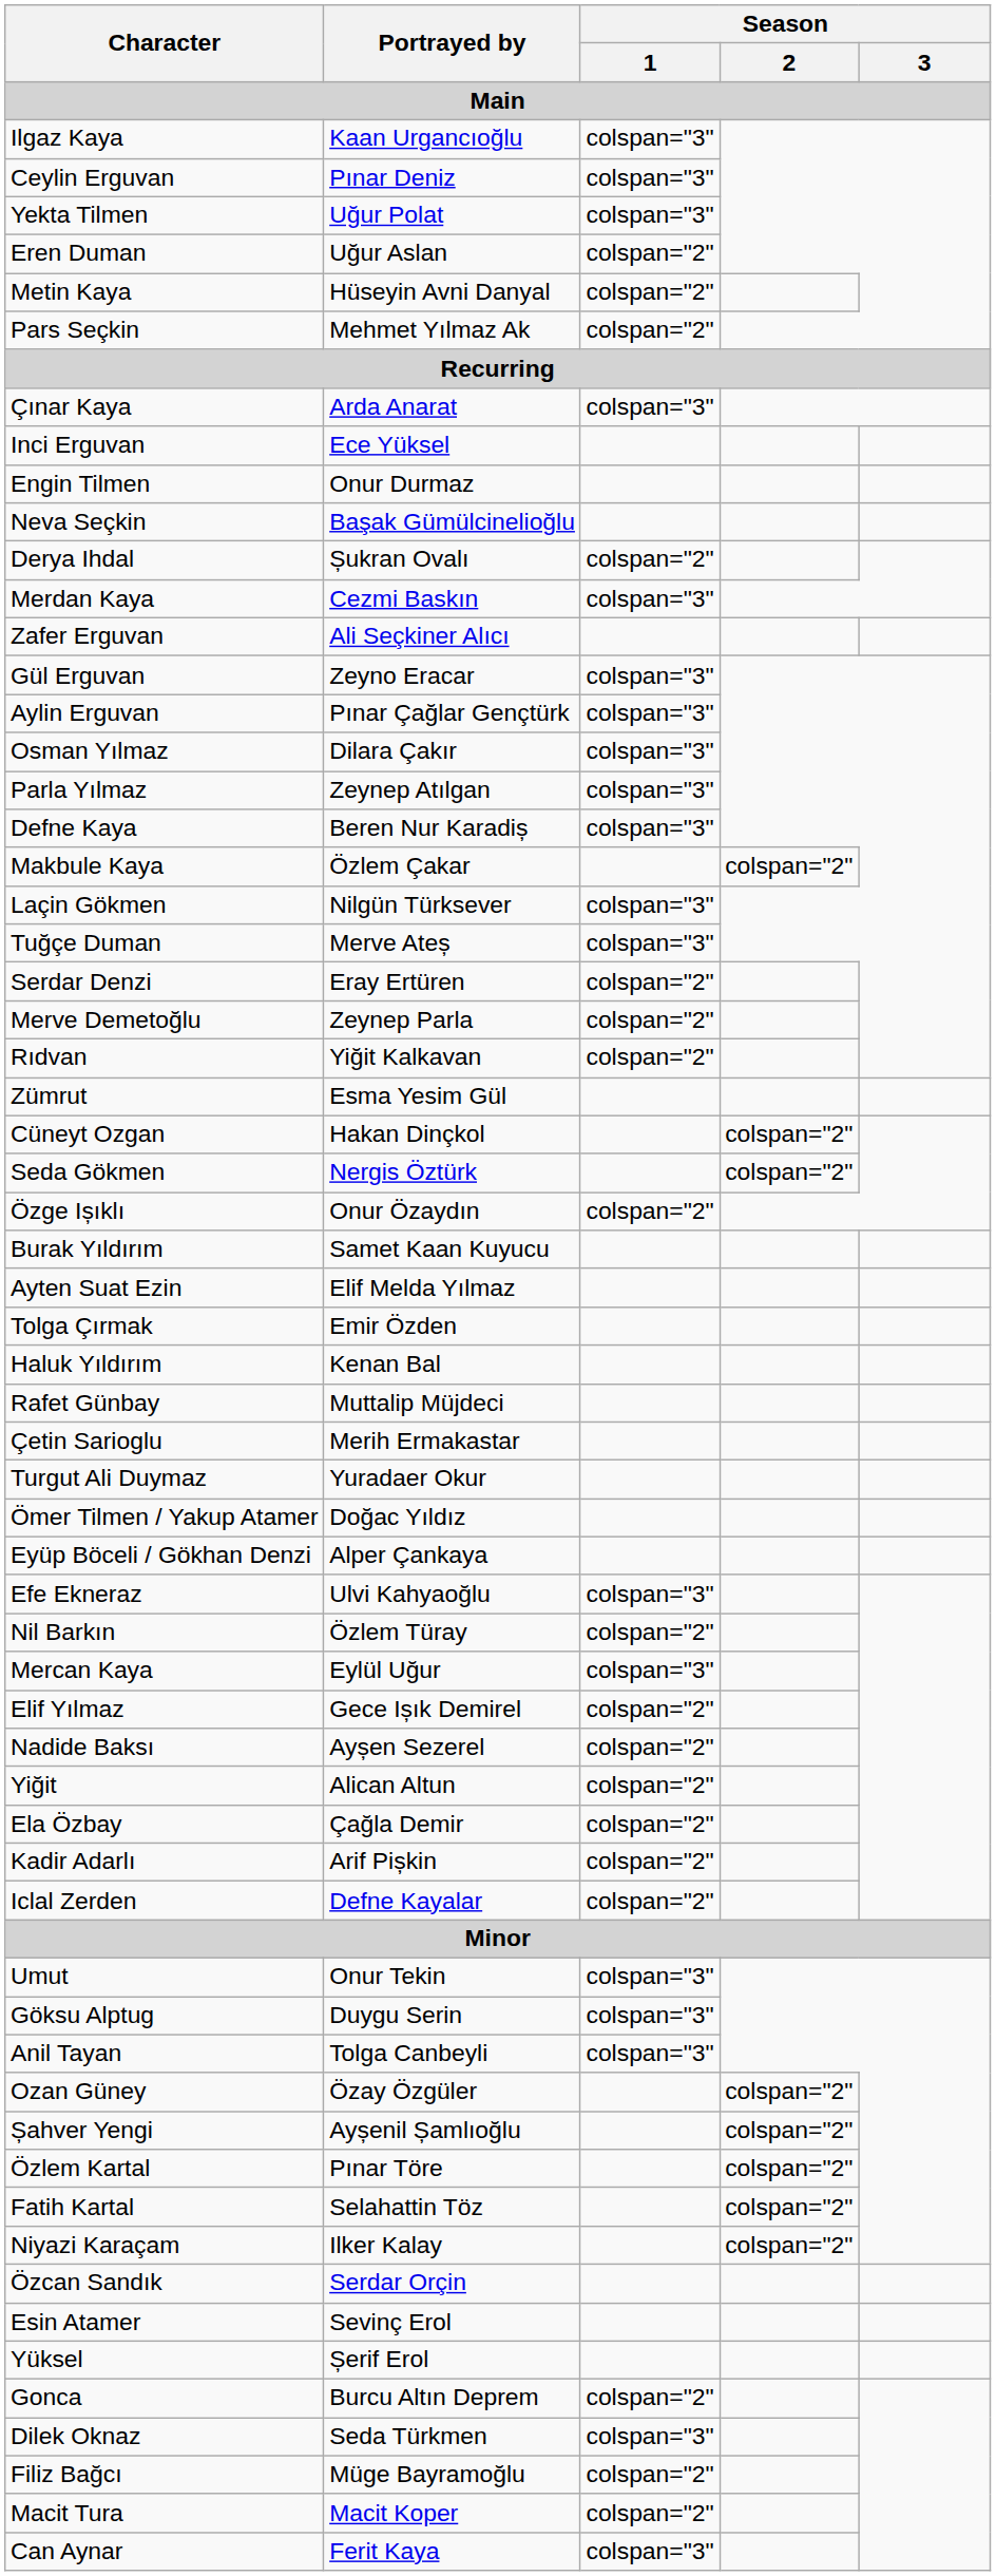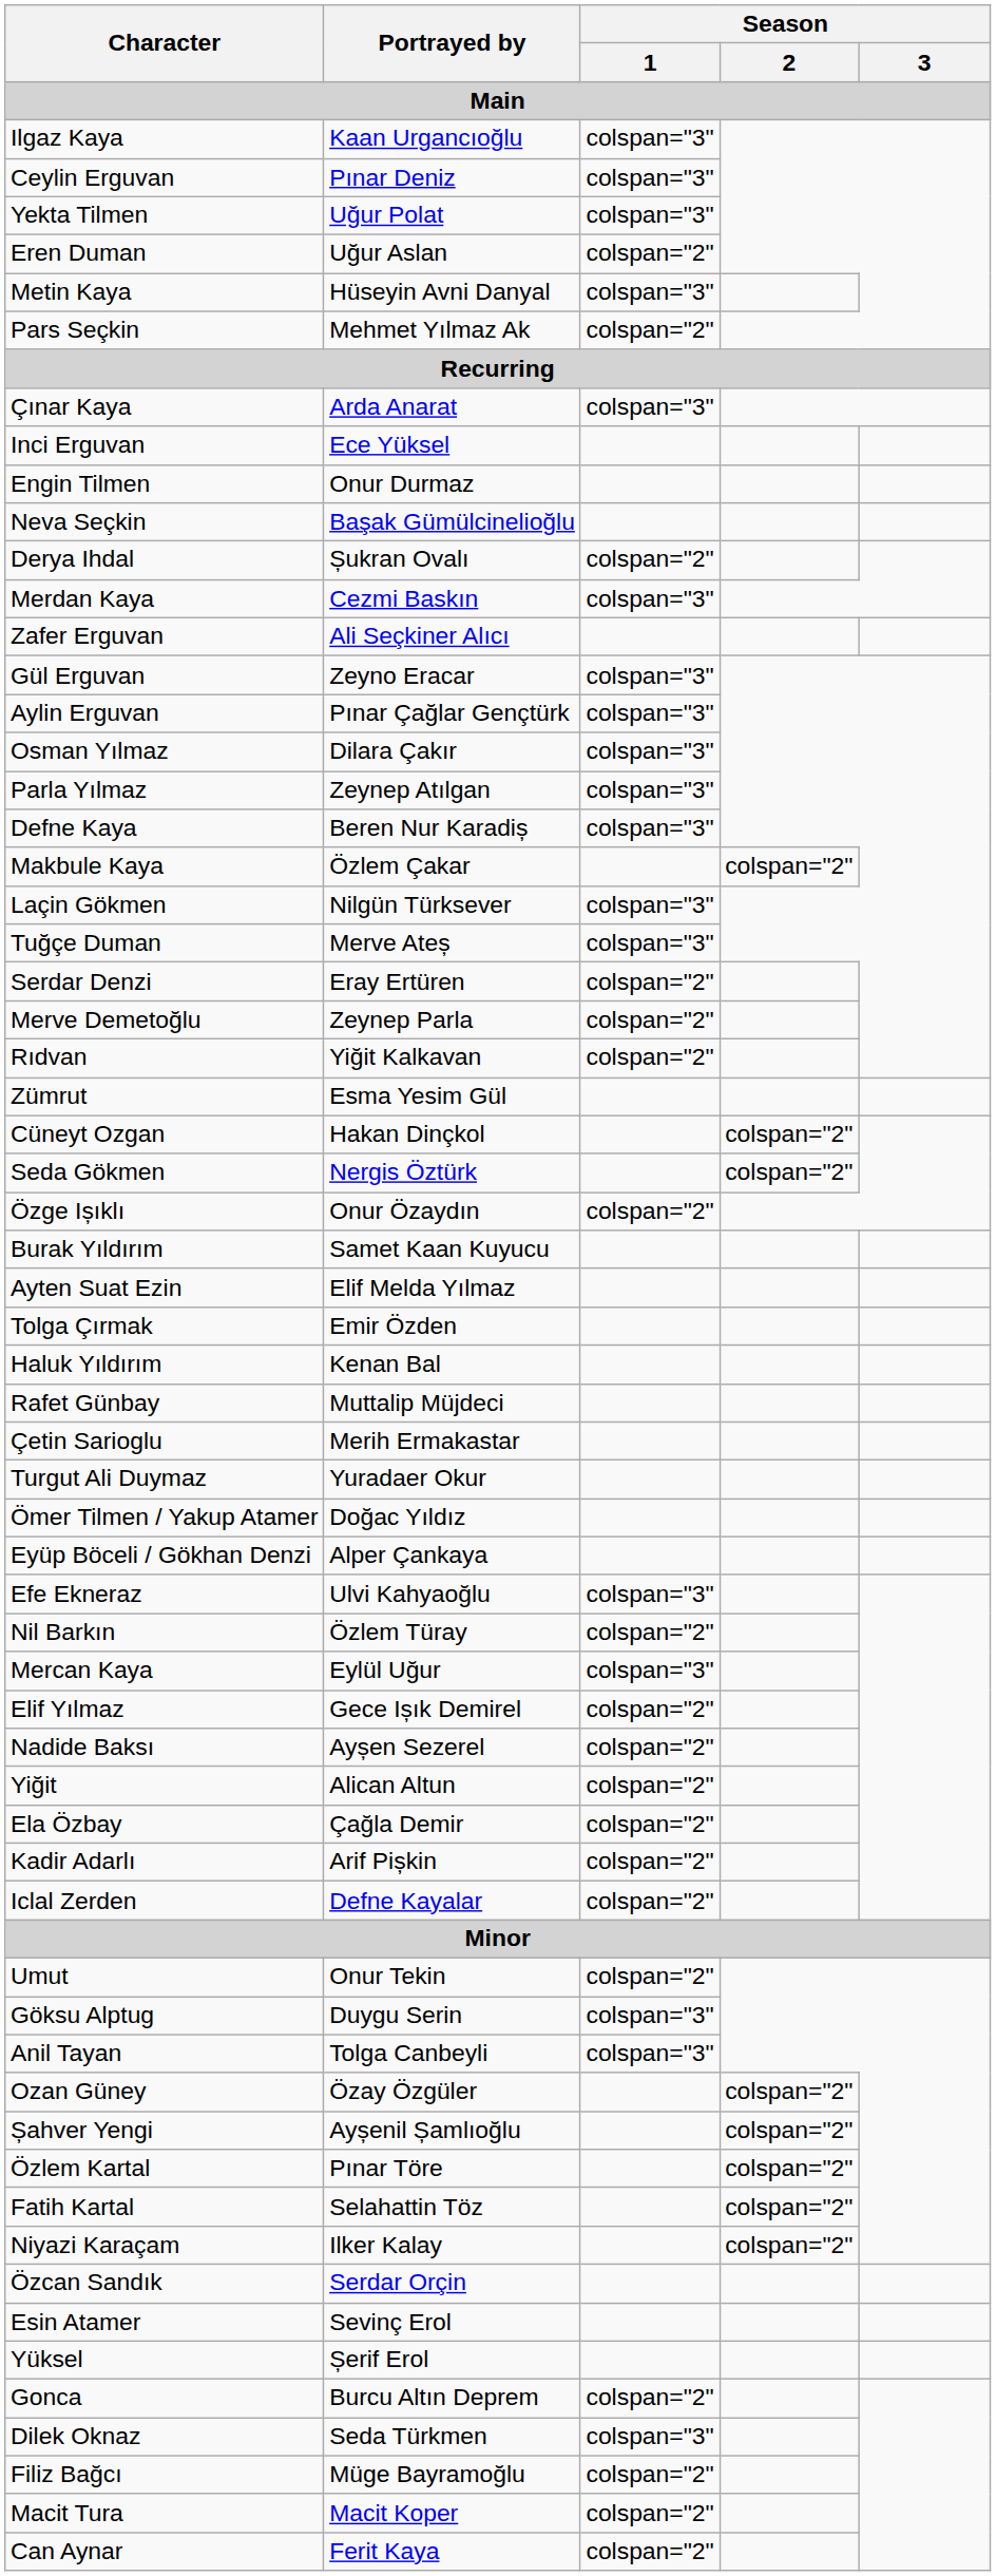 <table class="wikitable" style="table-layout:fixed">
 <tr>
 <th scope="col" rowspan="2">Character</th>
 <th scope="col" rowspan="2">Portrayed by</th>
 <th scope="col" colspan="3">Season</th>
 </tr>
 <tr>
 <th scope="col" style="width:5em">1</th>
 <th scope="col" style="width:5em">2</th>
 <th scope="col" style="width:5em">3</th>
 </tr>
 <tr>
 <th scope="col" colspan="5" style="background:lightgray">Main</th>
 </tr>
 <tr>
 <td>Ilgaz Kaya</td>
 <td><a href='#'>Kaan Urgancıoğlu</a></td>
 <td>colspan="3" </td>
 </tr>
 <tr>
 <td>Ceylin Erguvan</td>
 <td><a href='#'>Pınar Deniz</a></td>
 <td>colspan="3" </td>
 </tr>
 <tr>
 <td>Yekta Tilmen</td>
 <td><a href='#'>Uğur Polat</a></td>
 <td>colspan="3" </td>
 </tr>
 <tr>
 <td>Eren Duman</td>
 <td>Uğur Aslan</td>
 <td>colspan="2" </td>
 </tr>
 <tr>
 <td>Metin Kaya</td>
 <td>Hüseyin Avni Danyal</td>
-<td>colspan="2" </td>
+<td>colspan="3" </td>
 <td></td>
 </tr>
 <tr>
 <td>Pars Seçkin</td>
 <td>Mehmet Yılmaz Ak</td>
 <td>colspan="2" </td>
 </tr>
 <tr>
 <th scope="col" colspan="5" style="background:lightgray">Recurring</th>
 </tr>
 <tr>
 <td>Çınar Kaya</td>
 <td><a href='#'>Arda Anarat</a></td>
 <td>colspan="3" </td>
 </tr>
 <tr>
 <td>Inci Erguvan</td>
 <td><a href='#'>Ece Yüksel</a></td>
 <td></td>
 <td></td>
 <td></td>
 </tr>
 <tr>
 <td>Engin Tilmen</td>
 <td>Onur Durmaz</td>
 <td></td>
 <td></td>
 <td></td>
 </tr>
 <tr>
 <td>Neva Seçkin</td>
 <td><a href='#'>Başak Gümülcinelioğlu</a></td>
 <td></td>
 <td></td>
 <td></td>
 </tr>
 <tr>
 <td>Derya Ihdal</td>
 <td>Șukran Ovalı</td>
 <td>colspan="2" </td>
 <td></td>
 </tr>
 <tr>
 <td>Merdan Kaya</td>
 <td><a href='#'>Cezmi Baskın</a></td>
 <td>colspan="3" </td>
 </tr>
 <tr>
 <td>Zafer Erguvan</td>
 <td><a href='#'>Ali Seçkiner Alıcı</a></td>
 <td></td>
 <td></td>
 <td></td>
 </tr>
 <tr>
 <td>Gül Erguvan</td>
 <td>Zeyno Eracar</td>
 <td>colspan="3" </td>
 </tr>
 <tr>
 <td>Aylin Erguvan</td>
 <td>Pınar Çağlar Gençtürk</td>
 <td>colspan="3" </td>
 </tr>
 <tr>
 <td>Osman Yılmaz</td>
 <td>Dilara Çakır</td>
 <td>colspan="3" </td>
 </tr>
 <tr>
 <td>Parla Yılmaz</td>
 <td>Zeynep Atılgan</td>
 <td>colspan="3" </td>
 </tr>
 <tr>
 <td>Defne Kaya</td>
 <td>Beren Nur Karadiș</td>
 <td>colspan="3" </td>
 </tr>
 <tr>
 <td>Makbule Kaya</td>
 <td>Özlem Çakar</td>
 <td></td>
 <td>colspan="2" </td>
 </tr>
 <tr>
 <td>Laçin Gökmen</td>
 <td>Nilgün Türksever</td>
 <td>colspan="3" </td>
 </tr>
 <tr>
 <td>Tuğçe Duman</td>
 <td>Merve Ateș</td>
 <td>colspan="3" </td>
 </tr>
 <tr>
 <td>Serdar Denzi</td>
 <td>Eray Ertüren</td>
 <td>colspan="2" </td>
 <td></td>
 </tr>
 <tr>
 <td>Merve Demetoğlu</td>
 <td>Zeynep Parla</td>
 <td>colspan="2" </td>
 <td></td>
 </tr>
 <tr>
 <td>Rıdvan</td>
 <td>Yiğit Kalkavan</td>
 <td>colspan="2" </td>
 <td></td>
 </tr>
 <tr>
 <td>Zümrut</td>
 <td>Esma Yesim Gül</td>
 <td></td>
 <td></td>
 <td></td>
 </tr>
 <tr>
 <td>Cüneyt Ozgan</td>
 <td>Hakan Dinçkol</td>
 <td></td>
 <td>colspan="2" </td>
 </tr>
 <tr>
 <td>Seda Gökmen</td>
 <td><a href='#'>Nergis Öztürk</a></td>
 <td></td>
 <td>colspan="2" </td>
 </tr>
 <tr>
 <td>Özge Ișıklı</td>
 <td>Onur Özaydın</td>
 <td>colspan="2" </td>
 </tr>
 <tr>
 <td>Burak Yıldırım</td>
 <td>Samet Kaan Kuyucu</td>
 <td></td>
 <td></td>
 <td></td>
 </tr>
 <tr>
 <td>Ayten Suat Ezin</td>
 <td>Elif Melda Yılmaz</td>
 <td></td>
 <td></td>
 <td></td>
 </tr>
 <tr>
 <td>Tolga Çırmak</td>
 <td>Emir Özden</td>
 <td></td>
 <td></td>
 <td></td>
 </tr>
 <tr>
 <td>Haluk Yıldırım</td>
 <td>Kenan Bal</td>
 <td></td>
 <td></td>
 <td></td>
 </tr>
 <tr>
 <td>Rafet Günbay</td>
 <td>Muttalip Müjdeci</td>
 <td></td>
 <td></td>
 <td></td>
 </tr>
 <tr>
 <td>Çetin Sarioglu</td>
 <td>Merih Ermakastar</td>
 <td></td>
 <td></td>
 <td></td>
 </tr>
 <tr>
 <td>Turgut Ali Duymaz</td>
 <td>Yuradaer Okur</td>
 <td></td>
 <td></td>
 <td></td>
 </tr>
 <tr>
 <td>Ömer Tilmen / Yakup Atamer</td>
 <td>Doğac Yıldız</td>
 <td></td>
 <td></td>
 <td></td>
 </tr>
 <tr>
 <td>Eyüp Böceli / Gökhan Denzi</td>
 <td>Alper Çankaya</td>
 <td></td>
 <td></td>
 <td></td>
 </tr>
 <tr>
 <td>Efe Ekneraz</td>
 <td>Ulvi Kahyaoğlu</td>
 <td>colspan="3" </td>
 <td></td>
 </tr>
 <tr>
 <td>Nil Barkın</td>
 <td>Özlem Türay</td>
 <td>colspan="2" </td>
 <td></td>
 </tr>
 <tr>
 <td>Mercan Kaya</td>
 <td>Eylül Uğur</td>
 <td>colspan="3" </td>
 <td></td>
 </tr>
 <tr>
 <td>Elif Yılmaz</td>
 <td>Gece Ișık Demirel</td>
 <td>colspan="2" </td>
 <td></td>
 </tr>
 <tr>
 <td>Nadide Baksı</td>
 <td>Ayșen Sezerel</td>
 <td>colspan="2" </td>
 <td></td>
 </tr>
 <tr>
 <td>Yiğit</td>
 <td>Alican Altun</td>
 <td>colspan="2" </td>
 <td></td>
 </tr>
 <tr>
 <td>Ela Özbay</td>
 <td>Çağla Demir</td>
 <td>colspan="2" </td>
 <td></td>
 </tr>
 <tr>
 <td>Kadir Adarlı</td>
 <td>Arif Pișkin</td>
 <td>colspan="2" </td>
 <td></td>
 </tr>
 <tr>
 <td>Iclal Zerden</td>
 <td><a href='#'>Defne Kayalar</a></td>
 <td>colspan="2" </td>
 <td></td>
 </tr>
 <tr>
 <th scope="col" colspan="5" style="background:lightgray">Minor</th>
 </tr>
 <tr>
 <td>Umut</td>
 <td>Onur Tekin</td>
-<td>colspan="3" </td>
+<td>colspan="2" </td>
 </tr>
 <tr>
 <td>Göksu Alptug</td>
 <td>Duygu Serin</td>
 <td>colspan="3" </td>
 </tr>
 <tr>
 <td>Anil Tayan</td>
 <td>Tolga Canbeyli</td>
 <td>colspan="3" </td>
 </tr>
 <tr>
 <td>Ozan Güney</td>
 <td>Özay Özgüler</td>
 <td></td>
 <td>colspan="2" </td>
 </tr>
 <tr>
 <td>Șahver Yengi</td>
 <td>Ayșenil Șamlıoğlu</td>
 <td></td>
 <td>colspan="2" </td>
 </tr>
 <tr>
 <td>Özlem Kartal</td>
 <td>Pınar Töre</td>
 <td></td>
 <td>colspan="2" </td>
 </tr>
 <tr>
 <td>Fatih Kartal</td>
 <td>Selahattin Töz</td>
 <td></td>
 <td>colspan="2" </td>
 </tr>
 <tr>
 <td>Niyazi Karaçam</td>
 <td>Ilker Kalay</td>
 <td></td>
 <td>colspan="2" </td>
 </tr>
 <tr>
 <td>Özcan Sandık</td>
 <td><a href='#'>Serdar Orçin</a></td>
 <td></td>
 <td></td>
 <td></td>
 </tr>
 <tr>
 <td>Esin Atamer</td>
 <td>Sevinç Erol</td>
 <td></td>
 <td></td>
 <td></td>
 </tr>
 <tr>
 <td>Yüksel</td>
 <td>Șerif Erol</td>
 <td></td>
 <td></td>
 <td></td>
 </tr>
 <tr>
 <td>Gonca</td>
 <td>Burcu Altın Deprem</td>
 <td>colspan="2" </td>
 <td></td>
 </tr>
 <tr>
 <td>Dilek Oknaz</td>
 <td>Seda Türkmen</td>
 <td>colspan="3" </td>
 <td></td>
 </tr>
 <tr>
 <td>Filiz Bağcı</td>
 <td>Müge Bayramoğlu</td>
 <td>colspan="2" </td>
 <td></td>
 </tr>
 <tr>
 <td>Macit Tura</td>
 <td><a href='#'>Macit Koper</a></td>
 <td>colspan="2" </td>
 <td></td>
 </tr>
 <tr>
 <td>Can Aynar</td>
 <td><a href='#'>Ferit Kaya</a></td>
-<td>colspan="3" </td>
+<td>colspan="2" </td>
 <td></td>
 </tr>
 </table>
